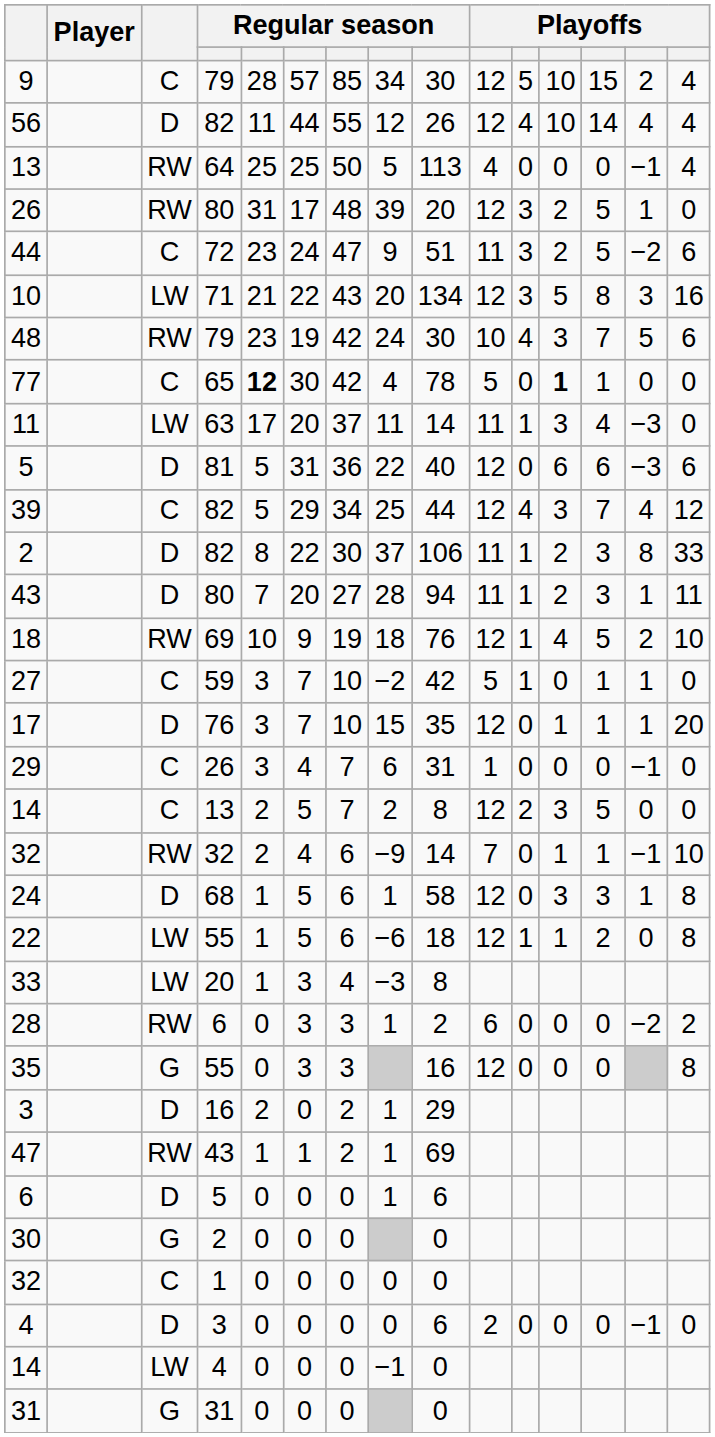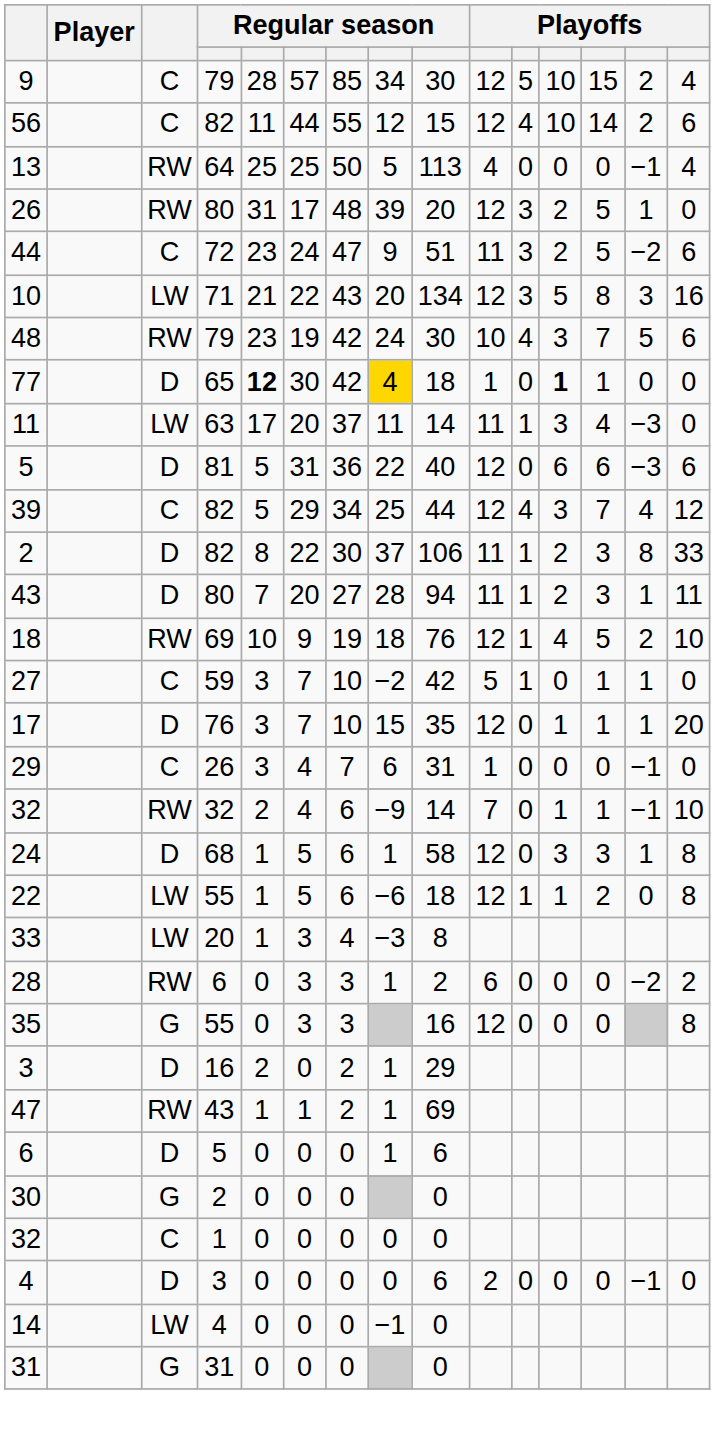 <table class="wikitable sortable plainrowheaders" style="text-align:center;">
 <tr>
 <th scope="col" data-sort-type="number" rowspan="2"></th>
 <th scope="col" rowspan="2">Player</th>
 <th scope="col" rowspan="2"></th>
 <th scope=colgroup colspan=6>Regular season</th>
 <th scope=colgroup colspan=6>Playoffs</th>
 </tr>
 <tr>
 <th scope="col" data-sort-type="number"></th>
 <th scope="col" data-sort-type="number"></th>
 <th scope="col" data-sort-type="number"></th>
 <th scope="col" data-sort-type="number"></th>
 <th scope="col" data-sort-type="number"></th>
 <th scope="col" data-sort-type="number"></th>
 <th scope="col" data-sort-type="number"></th>
 <th scope="col" data-sort-type="number"></th>
 <th scope="col" data-sort-type="number"></th>
 <th scope="col" data-sort-type="number"></th>
 <th scope="col" data-sort-type="number"></th>
 <th scope="col" data-sort-type="number"></th>
 </tr>
 <tr>
 <td scope="row">9</td>
 <td align="left"></td>
 <td>C</td>
 <td>79</td>
 <td>28</td>
 <td>57</td>
 <td>85</td>
 <td>34</td>
 <td>30</td>
 <td>12</td>
 <td>5</td>
 <td>10</td>
 <td>15</td>
 <td>2</td>
 <td>4</td>
 </tr>
 <tr>
 <td scope="row">56</td>
 <td align="left"></td>
-<td>D</td>
+<td>C</td>
 <td>82</td>
 <td>11</td>
 <td>44</td>
 <td>55</td>
 <td>12</td>
-<td>26</td>
+<td>15</td>
 <td>12</td>
 <td>4</td>
 <td>10</td>
 <td>14</td>
-<td>4</td>
-<td>4</td>
+<td>2</td>
+<td>6</td>
 </tr>
 <tr>
 <td scope="row">13</td>
 <td align="left"></td>
 <td>RW</td>
 <td>64</td>
 <td>25</td>
 <td>25</td>
 <td>50</td>
 <td>5</td>
 <td>113</td>
 <td>4</td>
 <td>0</td>
 <td>0</td>
 <td>0</td>
 <td>−1</td>
 <td>4</td>
 </tr>
 <tr>
 <td scope="row">26</td>
 <td align="left"></td>
 <td>RW</td>
 <td>80</td>
 <td>31</td>
 <td>17</td>
 <td>48</td>
 <td>39</td>
 <td>20</td>
 <td>12</td>
 <td>3</td>
 <td>2</td>
 <td>5</td>
 <td>1</td>
 <td>0</td>
 </tr>
 <tr>
 <td scope="row">44</td>
 <td align="left"></td>
 <td>C</td>
 <td>72</td>
 <td>23</td>
 <td>24</td>
 <td>47</td>
 <td>9</td>
 <td>51</td>
 <td>11</td>
 <td>3</td>
 <td>2</td>
 <td>5</td>
 <td>−2</td>
 <td>6</td>
 </tr>
 <tr>
 <td scope="row">10</td>
 <td align="left"></td>
 <td>LW</td>
 <td>71</td>
 <td>21</td>
 <td>22</td>
 <td>43</td>
 <td>20</td>
 <td>134</td>
 <td>12</td>
 <td>3</td>
 <td>5</td>
 <td>8</td>
 <td>3</td>
 <td>16</td>
 </tr>
 <tr>
 <td scope="row">48</td>
 <td align="left"></td>
 <td>RW</td>
 <td>79</td>
 <td>23</td>
 <td>19</td>
 <td>42</td>
 <td>24</td>
 <td>30</td>
 <td>10</td>
 <td>4</td>
 <td>3</td>
 <td>7</td>
 <td>5</td>
 <td>6</td>
 </tr>
 <tr>
 <td scope="row">77</td>
 <td align="left"></td>
-<td>C</td>
+<td>D</td>
 <td>65</td>
 <td><strong>12</strong></td>
 <td>30</td>
 <td>42</td>
-<td>4</td>
-<td>78</td>
-<td>5</td>
+<td style="background: gold;">4</td>
+<td>18</td>
+<td>1</td>
 <td>0</td>
 <td><strong>1</strong></td>
 <td>1</td>
 <td>0</td>
 <td>0</td>
 </tr>
 <tr>
 <td scope="row">11</td>
 <td align="left"></td>
 <td>LW</td>
 <td>63</td>
 <td>17</td>
 <td>20</td>
 <td>37</td>
 <td>11</td>
 <td>14</td>
 <td>11</td>
 <td>1</td>
 <td>3</td>
 <td>4</td>
 <td>−3</td>
 <td>0</td>
 </tr>
 <tr>
 <td scope="row">5</td>
 <td align="left"></td>
 <td>D</td>
 <td>81</td>
 <td>5</td>
 <td>31</td>
 <td>36</td>
 <td>22</td>
 <td>40</td>
 <td>12</td>
 <td>0</td>
 <td>6</td>
 <td>6</td>
 <td>−3</td>
 <td>6</td>
 </tr>
 <tr>
 <td scope="row">39</td>
 <td align="left"></td>
 <td>C</td>
 <td>82</td>
 <td>5</td>
 <td>29</td>
 <td>34</td>
 <td>25</td>
 <td>44</td>
 <td>12</td>
 <td>4</td>
 <td>3</td>
 <td>7</td>
 <td>4</td>
 <td>12</td>
 </tr>
 <tr>
 <td scope="row">2</td>
 <td align="left"></td>
 <td>D</td>
 <td>82</td>
 <td>8</td>
 <td>22</td>
 <td>30</td>
 <td>37</td>
 <td>106</td>
 <td>11</td>
 <td>1</td>
 <td>2</td>
 <td>3</td>
 <td>8</td>
 <td>33</td>
 </tr>
 <tr>
 <td scope="row">43</td>
 <td align="left"></td>
 <td>D</td>
 <td>80</td>
 <td>7</td>
 <td>20</td>
 <td>27</td>
 <td>28</td>
 <td>94</td>
 <td>11</td>
 <td>1</td>
 <td>2</td>
 <td>3</td>
 <td>1</td>
 <td>11</td>
 </tr>
 <tr>
 <td scope="row">18</td>
 <td align="left"></td>
 <td>RW</td>
 <td>69</td>
 <td>10</td>
 <td>9</td>
 <td>19</td>
 <td>18</td>
 <td>76</td>
 <td>12</td>
 <td>1</td>
 <td>4</td>
 <td>5</td>
 <td>2</td>
 <td>10</td>
 </tr>
 <tr>
 <td scope="row">27</td>
 <td align="left"></td>
 <td>C</td>
 <td>59</td>
 <td>3</td>
 <td>7</td>
 <td>10</td>
 <td>−2</td>
 <td>42</td>
 <td>5</td>
 <td>1</td>
 <td>0</td>
 <td>1</td>
 <td>1</td>
 <td>0</td>
 </tr>
 <tr>
 <td scope="row">17</td>
 <td align="left"></td>
 <td>D</td>
 <td>76</td>
 <td>3</td>
 <td>7</td>
 <td>10</td>
 <td>15</td>
 <td>35</td>
 <td>12</td>
 <td>0</td>
 <td>1</td>
 <td>1</td>
 <td>1</td>
 <td>20</td>
 </tr>
 <tr>
 <td scope="row">29</td>
 <td align="left"></td>
 <td>C</td>
 <td>26</td>
 <td>3</td>
 <td>4</td>
 <td>7</td>
 <td>6</td>
 <td>31</td>
 <td>1</td>
 <td>0</td>
 <td>0</td>
 <td>0</td>
 <td>−1</td>
-<td>0</td>
-</tr>
-<tr>
-<td scope="row">14</td>
-<td align="left"></td>
-<td>C</td>
-<td>13</td>
-<td>2</td>
-<td>5</td>
-<td>7</td>
-<td>2</td>
-<td>8</td>
-<td>12</td>
-<td>2</td>
-<td>3</td>
-<td>5</td>
-<td>0</td>
 <td>0</td>
 </tr>
 <tr>
 <td scope="row">32</td>
 <td align="left"></td>
 <td>RW</td>
 <td>32</td>
 <td>2</td>
 <td>4</td>
 <td>6</td>
 <td>−9</td>
 <td>14</td>
 <td>7</td>
 <td>0</td>
 <td>1</td>
 <td>1</td>
 <td>−1</td>
 <td>10</td>
 </tr>
 <tr>
 <td scope="row">24</td>
 <td align="left"></td>
 <td>D</td>
 <td>68</td>
 <td>1</td>
 <td>5</td>
 <td>6</td>
 <td>1</td>
 <td>58</td>
 <td>12</td>
 <td>0</td>
 <td>3</td>
 <td>3</td>
 <td>1</td>
 <td>8</td>
 </tr>
 <tr>
 <td scope="row">22</td>
 <td align="left"></td>
 <td>LW</td>
 <td>55</td>
 <td>1</td>
 <td>5</td>
 <td>6</td>
 <td>−6</td>
 <td>18</td>
 <td>12</td>
 <td>1</td>
 <td>1</td>
 <td>2</td>
 <td>0</td>
 <td>8</td>
 </tr>
 <tr>
 <td scope="row">33</td>
 <td align="left"></td>
 <td>LW</td>
 <td>20</td>
 <td>1</td>
 <td>3</td>
 <td>4</td>
 <td>−3</td>
 <td>8</td>
 <td></td>
 <td></td>
 <td></td>
 <td></td>
 <td></td>
 <td></td>
 </tr>
 <tr>
 <td scope="row">28</td>
 <td align="left"></td>
 <td>RW</td>
 <td>6</td>
 <td>0</td>
 <td>3</td>
 <td>3</td>
 <td>1</td>
 <td>2</td>
 <td>6</td>
 <td>0</td>
 <td>0</td>
 <td>0</td>
 <td>−2</td>
 <td>2</td>
 </tr>
 <tr>
 <td scope="row">35</td>
 <td align="left"></td>
 <td>G</td>
 <td>55</td>
 <td>0</td>
 <td>3</td>
 <td>3</td>
 <td style="background:#ccc"></td>
 <td>16</td>
 <td>12</td>
 <td>0</td>
 <td>0</td>
 <td>0</td>
 <td style="background:#ccc"></td>
 <td>8</td>
 </tr>
 <tr>
 <td scope="row">3</td>
 <td align="left"></td>
 <td>D</td>
 <td>16</td>
 <td>2</td>
 <td>0</td>
 <td>2</td>
 <td>1</td>
 <td>29</td>
 <td></td>
 <td></td>
 <td></td>
 <td></td>
 <td></td>
 <td></td>
 </tr>
 <tr>
 <td scope="row">47</td>
 <td align="left"></td>
 <td>RW</td>
 <td>43</td>
 <td>1</td>
 <td>1</td>
 <td>2</td>
 <td>1</td>
 <td>69</td>
 <td></td>
 <td></td>
 <td></td>
 <td></td>
 <td></td>
 <td></td>
 </tr>
 <tr>
 <td scope="row">6</td>
 <td align="left"></td>
 <td>D</td>
 <td>5</td>
 <td>0</td>
 <td>0</td>
 <td>0</td>
 <td>1</td>
 <td>6</td>
 <td></td>
 <td></td>
 <td></td>
 <td></td>
 <td></td>
 <td></td>
 </tr>
 <tr>
 <td scope="row">30</td>
 <td align="left"></td>
 <td>G</td>
 <td>2</td>
 <td>0</td>
 <td>0</td>
 <td>0</td>
 <td style="background:#ccc"></td>
 <td>0</td>
 <td></td>
 <td></td>
 <td></td>
 <td></td>
 <td></td>
 <td></td>
 </tr>
 <tr>
 <td scope="row">32</td>
 <td align="left"></td>
 <td>C</td>
 <td>1</td>
 <td>0</td>
 <td>0</td>
 <td>0</td>
 <td>0</td>
 <td>0</td>
 <td></td>
 <td></td>
 <td></td>
 <td></td>
 <td></td>
 <td></td>
 </tr>
 <tr>
 <td scope="row">4</td>
 <td align="left"></td>
 <td>D</td>
 <td>3</td>
 <td>0</td>
 <td>0</td>
 <td>0</td>
 <td>0</td>
 <td>6</td>
 <td>2</td>
 <td>0</td>
 <td>0</td>
 <td>0</td>
 <td>−1</td>
 <td>0</td>
 </tr>
 <tr>
 <td scope="row">14</td>
 <td align="left"></td>
 <td>LW</td>
 <td>4</td>
 <td>0</td>
 <td>0</td>
 <td>0</td>
 <td>−1</td>
 <td>0</td>
 <td></td>
 <td></td>
 <td></td>
 <td></td>
 <td></td>
 <td></td>
 </tr>
 <tr>
 <td scope="row">31</td>
 <td align="left"></td>
 <td>G</td>
 <td>31</td>
 <td>0</td>
 <td>0</td>
 <td>0</td>
 <td style="background:#ccc"></td>
 <td>0</td>
 <td></td>
 <td></td>
 <td></td>
 <td></td>
 <td></td>
 <td></td>
 </tr>
 </table>
